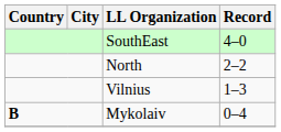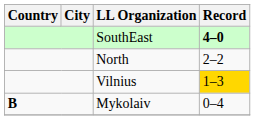 <table class="wikitable">
 <tr>
 <th>Country</th>
 <th>City</th>
 <th>LL Organization</th>
 <th>Record</th>
 </tr>
 <tr bgcolor="ccffcc">
 <td colspan="2"><strong></strong></td>
 <td>SouthEast</td>
-<td>4–0</td>
+<td><strong>4–0</strong></td>
 </tr>
 <tr>
 <td colspan="2"><strong></strong></td>
 <td>North</td>
 <td>2–2</td>
 </tr>
 <tr>
 <td colspan="2"><strong></strong></td>
 <td>Vilnius</td>
-<td>1–3</td>
+<td style="background: gold;">1–3</td>
 </tr>
 <tr>
 <td colspan="2"><strong> B</strong></td>
 <td>Mykolaiv</td>
 <td>0–4</td>
 </tr>
 <tr>
 </tr>
 </table>
